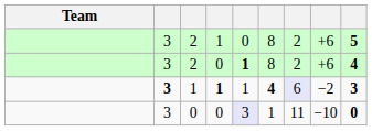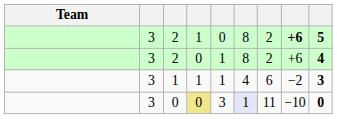 <table class="wikitable" style="text-align:center;">
 <tr>
 <th width=150>Team</th>
 <th width=20></th>
 <th width=20></th>
 <th width=20></th>
 <th width=20></th>
 <th width=20></th>
 <th width=20></th>
 <th width=20></th>
 <th width=20></th>
 </tr>
 <tr style="background:#cfc;">
 <td align=left></td>
 <td>3</td>
 <td>2</td>
 <td>1</td>
 <td>0</td>
 <td>8</td>
 <td>2</td>
-<td>+6</td>
+<td><strong>+6</strong></td>
 <td><strong>5</strong></td>
 </tr>
 <tr style="background:#cfc;">
 <td align=left></td>
 <td>3</td>
 <td>2</td>
 <td>0</td>
-<td><strong>1</strong></td>
+<td>1</td>
 <td>8</td>
 <td>2</td>
 <td>+6</td>
 <td><strong>4</strong></td>
 </tr>
 <tr>
 <td align=left></td>
-<td><strong>3</strong></td>
+<td>3</td>
 <td>1</td>
-<td><strong>1</strong></td>
 <td>1</td>
-<td><strong>4</strong></td>
-<td style="background: lavender;">6</td>
+<td>1</td>
+<td>4</td>
+<td>6</td>
 <td>−2</td>
 <td><strong>3</strong></td>
 </tr>
 <tr>
 <td align=left></td>
 <td>3</td>
 <td>0</td>
-<td>0</td>
-<td style="background: lavender;">3</td>
-<td>1</td>
+<td style="background: khaki;">0</td>
+<td>3</td>
+<td style="background: lavender;">1</td>
 <td>11</td>
 <td>−10</td>
 <td><strong>0</strong></td>
 </tr>
 </table>
